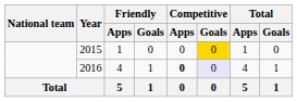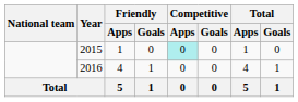 <table class="wikitable" style="text-align:center; font-size:90%;">
 <tr>
 <th rowspan="2">National team</th>
 <th rowspan="2">Year</th>
 <th colspan="2">Friendly</th>
 <th colspan="2">Competitive</th>
 <th colspan="3">Total</th>
 </tr>
 <tr>
 <th>Apps</th>
 <th>Goals</th>
 <th>Apps</th>
 <th>Goals</th>
 <th>Apps</th>
 <th>Goals</th>
 </tr>
 <tr>
 <td rowspan="2" align="left"></td>
 <td>2015</td>
 <td>1</td>
 <td>0</td>
+<td style="background: paleturquoise;">0</td>
 <td>0</td>
-<td style="background: gold;">0</td>
 <td>1</td>
 <td>0</td>
 </tr>
 <tr>
 <td>2016</td>
 <td>4</td>
 <td>1</td>
-<td><strong>0</strong></td>
-<td style="background: lavender;">0</td>
+<td>0</td>
+<td>0</td>
 <td>4</td>
 <td>1</td>
 </tr>
 <tr>
 <th colspan="2">Total</th>
 <th>5</th>
 <th>1</th>
 <th>0</th>
 <th>0</th>
 <th>5</th>
 <th>1</th>
 </tr>
 </table>
